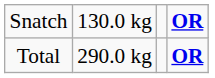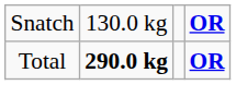 <table class = "wikitable" style="text-align:center;">
 <tr>
 <td>Snatch</td>
 <td>130.0 kg</td>
 <td align=left></td>
 <td><strong><a href='#'>OR</a></strong></td>
 </tr>
 <tr>
 <td>Total</td>
-<td>290.0 kg</td>
+<td><strong>290.0 kg</strong></td>
 <td align=left></td>
 <td><strong><a href='#'>OR</a></strong></td>
 </tr>
 </table>
